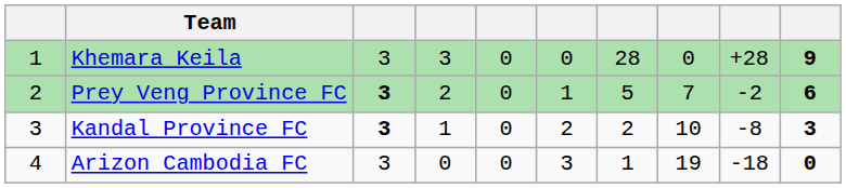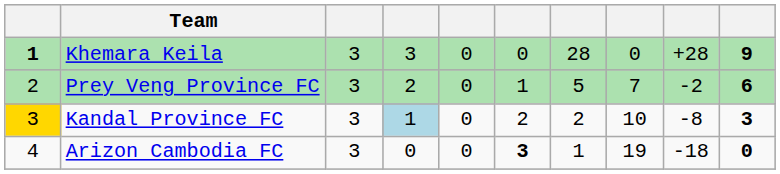 <table class="wikitable" style="text-align: center;">
 <tr>
 <th width=30></th>
 <th width=165>Team</th>
 <th width=30></th>
 <th width=30></th>
 <th width=30></th>
 <th width=30></th>
 <th width=30></th>
 <th width=30></th>
 <th width=30></th>
 <th width=30></th>
 </tr>
 <tr style="background:#ace1af;">
-<td>1</td>
+<td><strong>1</strong></td>
 <td align=left><a href='#'>Khemara Keila</a></td>
 <td>3</td>
 <td>3</td>
 <td>0</td>
 <td>0</td>
 <td>28</td>
 <td>0</td>
 <td>+28</td>
 <td><strong>9</strong></td>
 </tr>
 <tr style="background:#ace1af;">
 <td>2</td>
 <td align=left><a href='#'>Prey Veng Province FC</a></td>
-<td><strong>3</strong></td>
+<td>3</td>
 <td>2</td>
 <td>0</td>
 <td>1</td>
 <td>5</td>
 <td>7</td>
 <td>-2</td>
 <td><strong>6</strong></td>
 </tr>
 <tr>
+<td style="background: gold;">3</td>
+<td align=left><a href='#'>Kandal Province FC</a></td>
 <td>3</td>
-<td align=left><a href='#'>Kandal Province FC</a></td>
-<td><strong>3</strong></td>
-<td>1</td>
+<td style="background: lightblue;">1</td>
 <td>0</td>
 <td>2</td>
 <td>2</td>
 <td>10</td>
 <td>-8</td>
 <td><strong>3</strong></td>
 </tr>
 <tr>
 <td>4</td>
 <td align=left><a href='#'>Arizon Cambodia FC</a></td>
 <td>3</td>
 <td>0</td>
 <td>0</td>
-<td>3</td>
+<td><strong>3</strong></td>
 <td>1</td>
 <td>19</td>
 <td>-18</td>
 <td><strong>0</strong></td>
 </tr>
 </table>
